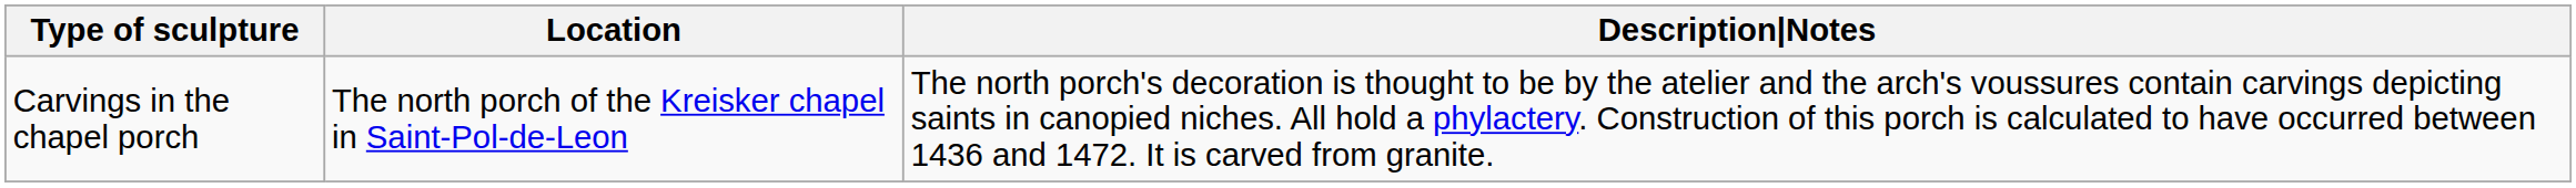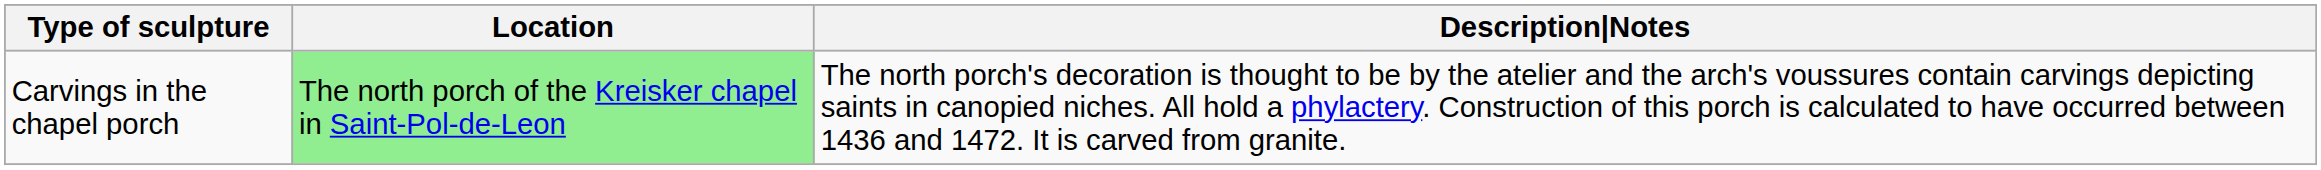 <table class="wikitable sortable" style="width:100%; margin-top:0.5em;">
 <tr>
 <th scope="col">Type of sculpture</th>
 <th scope="col">Location</th>
 <th scope="col" style="width:65%;">Description|Notes</th>
 </tr>
 <tr>
 <td>Carvings in the chapel porch</td>
-<td>The north porch of the <a href='#'>Kreisker chapel</a> in <a href='#'>Saint-Pol-de-Leon</a></td>
+<td style="background: lightgreen;">The north porch of the <a href='#'>Kreisker chapel</a> in <a href='#'>Saint-Pol-de-Leon</a></td>
 <td>The north porch's decoration is thought to be by the atelier and the arch's voussures contain carvings depicting saints in canopied niches. All hold a <a href='#'>phylactery</a>. Construction of this porch is calculated to have occurred between 1436 and 1472. It is carved from granite.<br></td>
 </tr>
 </table>
